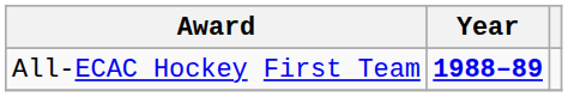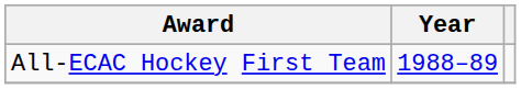 <table class="wikitable">
 <tr>
 <th>Award</th>
 <th>Year</th>
 <th></th>
 </tr>
 <tr>
 <td>All-<a href='#'>ECAC Hockey</a> <a href='#'>First Team</a></td>
-<td><strong><a href='#'>1988–89</a></strong></td>
+<td><a href='#'>1988–89</a></td>
 <td></td>
 </tr>
 <tr>
 </tr>
 </table>
